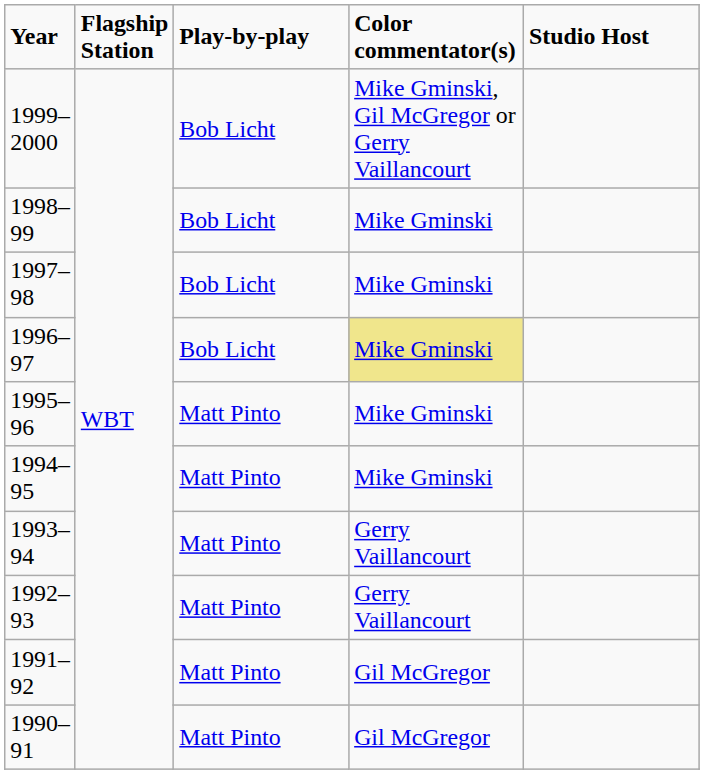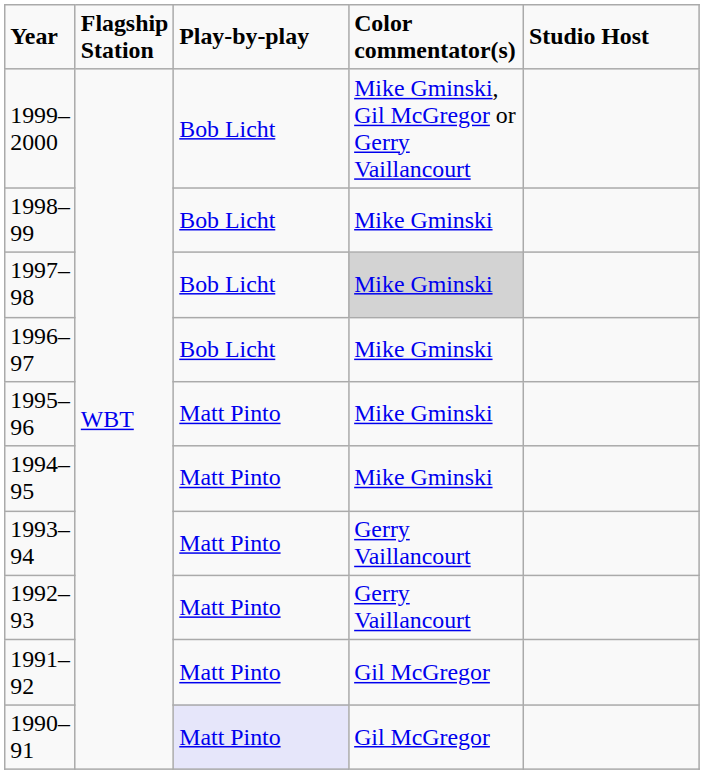 <table class="wikitable">
 <tr>
 <td width="40"><strong>Year</strong></td>
 <td width="40"><strong>Flagship Station</strong></td>
 <td width="110"><strong>Play-by-play</strong></td>
 <td width="110"><strong>Color commentator(s)</strong></td>
 <td width="110"><strong>Studio Host</strong></td>
 </tr>
 <tr>
 <td>1999–2000</td>
 <td rowspan=10><a href='#'>WBT</a></td>
 <td><a href='#'>Bob Licht</a></td>
 <td><a href='#'>Mike Gminski</a>, <a href='#'>Gil McGregor</a> or <a href='#'>Gerry Vaillancourt</a></td>
 <td></td>
 </tr>
 <tr>
 <td>1998–99</td>
 <td><a href='#'>Bob Licht</a></td>
 <td><a href='#'>Mike Gminski</a></td>
 <td></td>
 </tr>
 <tr>
 <td>1997–98</td>
 <td><a href='#'>Bob Licht</a></td>
-<td><a href='#'>Mike Gminski</a></td>
+<td style="background: lightgrey;"><a href='#'>Mike Gminski</a></td>
 <td></td>
 </tr>
 <tr>
 <td>1996–97</td>
 <td><a href='#'>Bob Licht</a></td>
-<td style="background: khaki;"><a href='#'>Mike Gminski</a></td>
+<td><a href='#'>Mike Gminski</a></td>
 <td></td>
 </tr>
 <tr>
 <td>1995–96</td>
 <td><a href='#'>Matt Pinto</a></td>
 <td><a href='#'>Mike Gminski</a></td>
 <td></td>
 </tr>
 <tr>
 <td>1994–95</td>
 <td><a href='#'>Matt Pinto</a></td>
 <td><a href='#'>Mike Gminski</a></td>
 <td></td>
 </tr>
 <tr>
 <td>1993–94</td>
 <td><a href='#'>Matt Pinto</a></td>
 <td><a href='#'>Gerry Vaillancourt</a></td>
 <td></td>
 </tr>
 <tr>
 <td>1992–93</td>
 <td><a href='#'>Matt Pinto</a></td>
 <td><a href='#'>Gerry Vaillancourt</a></td>
 <td></td>
 </tr>
 <tr>
 <td>1991–92</td>
 <td><a href='#'>Matt Pinto</a></td>
 <td><a href='#'>Gil McGregor</a></td>
 <td></td>
 </tr>
 <tr>
 <td>1990–91</td>
-<td><a href='#'>Matt Pinto</a></td>
+<td style="background: lavender;"><a href='#'>Matt Pinto</a></td>
 <td><a href='#'>Gil McGregor</a></td>
 <td></td>
 </tr>
 </table>
